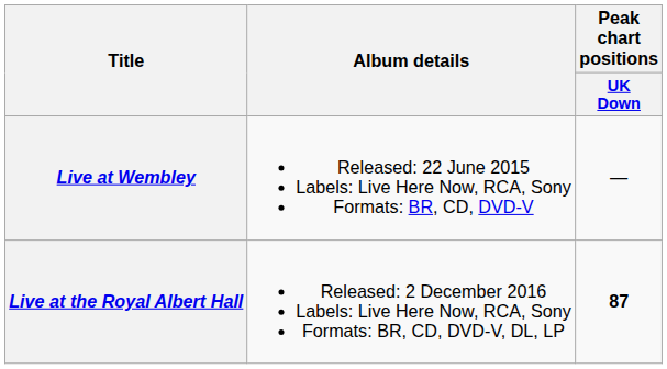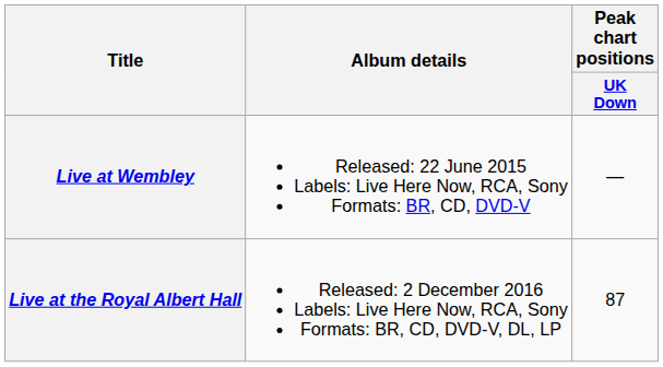 <table class="wikitable plainrowheaders" style="text-align:center;">
 <tr>
 <th rowspan="2">Title</th>
 <th rowspan="2">Album details</th>
 <th colspan="2">Peak chart positions</th>
 </tr>
 <tr>
 <th scope="col" style="width:3em;font-size:90%;"><a href='#'>UK<br>Down</a><br></th>
 </tr>
 <tr>
 <th scope="row"><em><a href='#'>Live at Wembley</a></em></th>
 <td><br><ul><li>Released: 22 June 2015</li><li>Labels: Live Here Now, RCA, Sony</li><li>Formats: <a href='#'>BR</a>, CD, <a href='#'>DVD-V</a></li></ul></td>
 <td>—</td>
 </tr>
 <tr>
 <th scope="row"><em><a href='#'>Live at the Royal Albert Hall</a></em></th>
 <td><br><ul><li>Released: 2 December 2016</li><li>Labels: Live Here Now, RCA, Sony</li><li>Formats: BR, CD, DVD-V, DL, LP</li></ul></td>
-<td><strong>87</strong></td>
+<td>87</td>
 </tr>
 </table>
